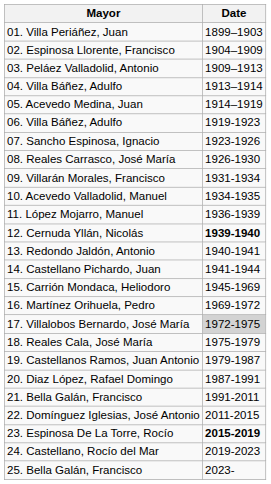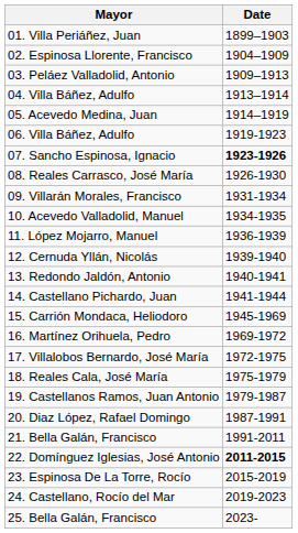 <table class="wikitable" style="text-align:left; margin: auto 16px 16px auto; float:left;">
 <tr>
 <th>Mayor</th>
 <th>Date</th>
 </tr>
 <tr>
 <td>01. Villa Periáñez, Juan</td>
 <td>1899–1903</td>
 </tr>
 <tr>
 <td>02. Espinosa Llorente, Francisco</td>
 <td>1904–1909</td>
 </tr>
 <tr>
 <td>03. Peláez Valladolid, Antonio</td>
 <td>1909–1913</td>
 </tr>
 <tr>
 <td>04. Villa Báñez, Adulfo</td>
 <td>1913–1914</td>
 </tr>
 <tr>
 <td>05. Acevedo Medina, Juan</td>
 <td>1914–1919</td>
 </tr>
 <tr>
 <td>06. Villa Báñez, Adulfo</td>
 <td>1919-1923</td>
 </tr>
 <tr>
 <td>07. Sancho Espinosa, Ignacio</td>
-<td>1923-1926</td>
+<td><strong>1923-1926</strong></td>
 </tr>
 <tr>
 <td>08. Reales Carrasco, José María</td>
 <td>1926-1930</td>
 </tr>
 <tr>
 <td>09. Villarán Morales, Francisco</td>
 <td>1931-1934</td>
 </tr>
 <tr>
 <td>10. Acevedo Valladolid, Manuel</td>
 <td>1934-1935</td>
 </tr>
 <tr>
 <td>11. López Mojarro, Manuel</td>
 <td>1936-1939</td>
 </tr>
 <tr>
 <td>12. Cernuda Yllán, Nicolás</td>
-<td><strong>1939-1940</strong></td>
+<td>1939-1940</td>
 </tr>
 <tr>
 <td>13. Redondo Jaldón, Antonio</td>
 <td>1940-1941</td>
 </tr>
 <tr>
 <td>14. Castellano Pichardo, Juan</td>
 <td>1941-1944</td>
 </tr>
 <tr>
 <td>15. Carrión Mondaca, Heliodoro</td>
 <td>1945-1969</td>
 </tr>
 <tr>
 <td>16. Martínez Orihuela, Pedro</td>
 <td>1969-1972</td>
 </tr>
 <tr>
 <td>17. Villalobos Bernardo, José María</td>
-<td style="background: lightgrey;">1972-1975</td>
+<td>1972-1975</td>
 </tr>
 <tr>
 <td>18. Reales Cala, José María</td>
 <td>1975-1979</td>
 </tr>
 <tr>
 <td>19. Castellanos Ramos, Juan Antonio</td>
 <td>1979-1987</td>
 </tr>
 <tr>
 <td>20. Diaz López, Rafael Domingo</td>
 <td>1987-1991</td>
 </tr>
 <tr>
 <td>21. Bella Galán, Francisco</td>
 <td>1991-2011</td>
 </tr>
 <tr>
 <td>22. Domínguez Iglesias, José Antonio</td>
-<td>2011-2015</td>
+<td><strong>2011-2015</strong></td>
 </tr>
 <tr>
 <td>23. Espinosa De La Torre, Rocío</td>
-<td><strong>2015-2019</strong></td>
+<td>2015-2019</td>
 </tr>
 <tr>
 <td>24. Castellano, Rocío del Mar</td>
 <td>2019-2023</td>
 </tr>
 <tr>
 <td>25. Bella Galán, Francisco</td>
 <td>2023-</td>
 </tr>
 </table>
